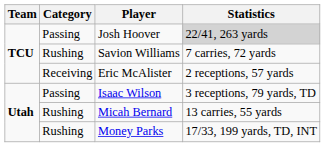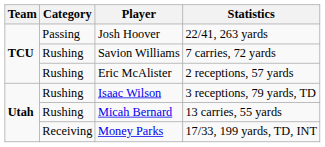 <table class="wikitable" style="float: right;">
 <tr>
 <th>Team</th>
 <th>Category</th>
 <th>Player</th>
 <th>Statistics</th>
 </tr>
 <tr>
 <td rowspan=3><strong>TCU</strong></td>
 <td>Passing</td>
 <td>Josh Hoover</td>
-<td style="background: lightgrey;">22/41, 263 yards</td>
+<td>22/41, 263 yards</td>
 </tr>
 <tr>
 <td>Rushing</td>
 <td>Savion Williams</td>
 <td>7 carries, 72 yards</td>
 </tr>
 <tr>
-<td>Receiving</td>
+<td>Rushing</td>
 <td>Eric McAlister</td>
 <td>2 receptions, 57 yards</td>
 </tr>
 <tr>
 <td rowspan=3><strong>Utah</strong></td>
-<td>Passing</td>
+<td>Rushing</td>
 <td><a href='#'>Isaac Wilson</a></td>
 <td>3 receptions, 79 yards, TD</td>
 </tr>
 <tr>
 <td>Rushing</td>
 <td><a href='#'>Micah Bernard</a></td>
 <td>13 carries, 55 yards</td>
 </tr>
 <tr>
-<td>Rushing</td>
+<td>Receiving</td>
 <td><a href='#'>Money Parks</a></td>
 <td>17/33, 199 yards, TD, INT</td>
 </tr>
 </table>
